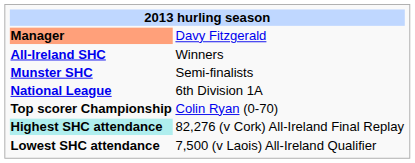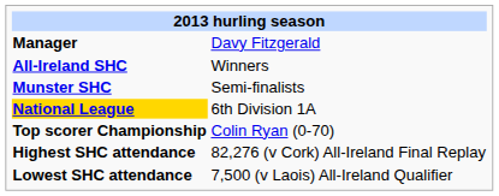 <table class="infobox vevent" style="font-size: 90%;">
 <tr>
 <th style="background: #BFD7FF; text-align: center" colspan="3">2013 hurling season</th>
 </tr>
 <tr>
-<td style="background: lightsalmon;"><strong>Manager</strong></td>
+<td><strong>Manager</strong></td>
 <td colspan="2"><a href='#'>Davy Fitzgerald</a></td>
 </tr>
 <tr>
 <td><strong><a href='#'>All-Ireland SHC</a></strong></td>
 <td colspan="2">Winners</td>
 </tr>
 <tr>
 <td><strong><a href='#'>Munster SHC</a></strong></td>
 <td colspan="2">Semi-finalists</td>
 </tr>
 <tr>
-<td><strong><a href='#'>National League</a></strong></td>
+<td style="background: gold;"><strong><a href='#'>National League</a></strong></td>
 <td colspan="2">6th Division 1A</td>
 </tr>
 <tr>
 <td><strong>Top scorer Championship</strong></td>
 <td colspan="2"><a href='#'>Colin Ryan</a> (0-70)</td>
 </tr>
 <tr>
-<td style="background: paleturquoise;"><strong>Highest SHC attendance</strong></td>
+<td><strong>Highest SHC attendance</strong></td>
 <td colspan="2">82,276 (v Cork) All-Ireland Final Replay</td>
 </tr>
 <tr>
 <td><strong>Lowest SHC attendance</strong></td>
 <td colspan="2">7,500 (v Laois) All-Ireland Qualifier</td>
 </tr>
 </table>
